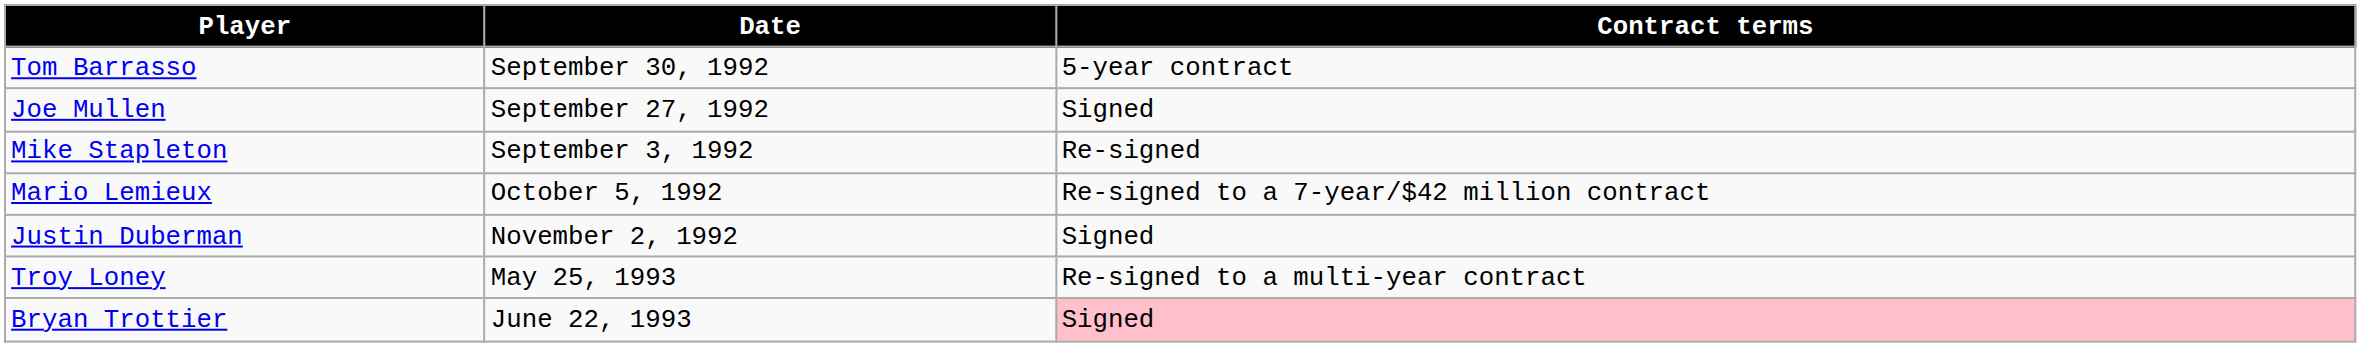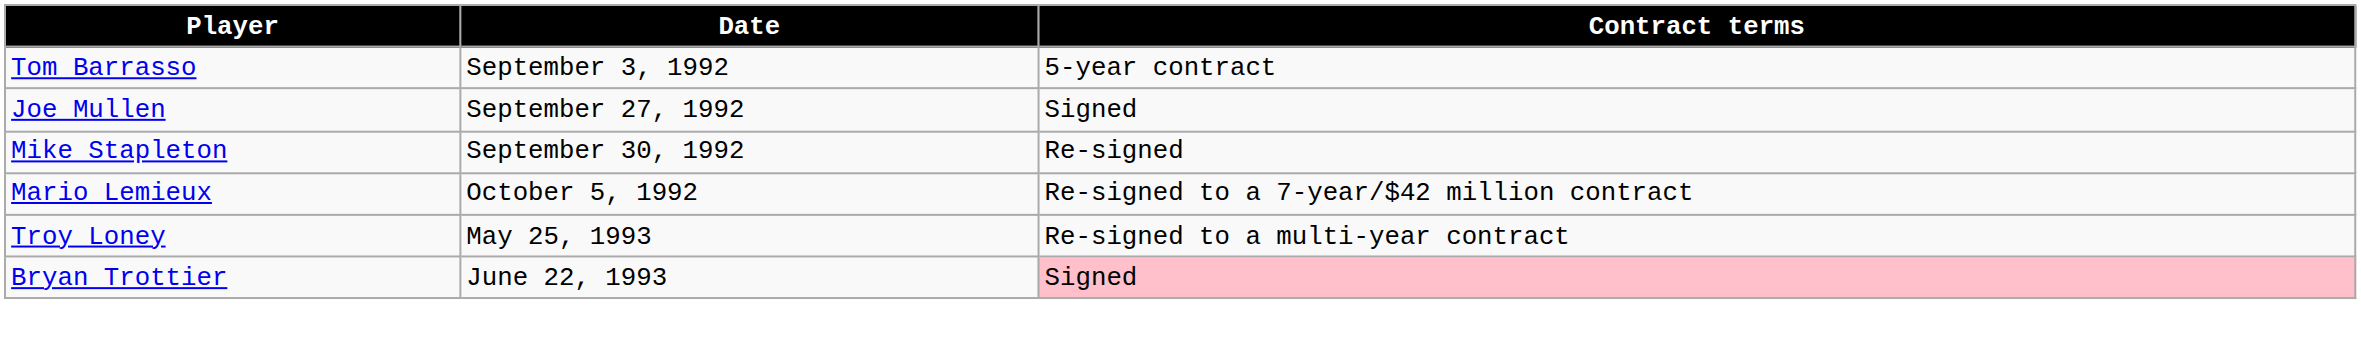 <table class="wikitable" style="width:75%;">
 <tr style="text-align:center; background:#ddd;">
 <th style="color:white; background:#000000; ">Player</th>
 <th style="color:white; background:#000000; ">Date</th>
 <th style="color:white; background:#000000; ">Contract terms</th>
 </tr>
 <tr>
 <td><a href='#'>Tom Barrasso</a></td>
-<td>September 30, 1992</td>
+<td>September 3, 1992</td>
 <td>5-year contract</td>
 </tr>
 <tr>
 <td><a href='#'>Joe Mullen</a></td>
 <td>September 27, 1992</td>
 <td>Signed</td>
 </tr>
 <tr>
 <td><a href='#'>Mike Stapleton</a></td>
-<td>September 3, 1992</td>
+<td>September 30, 1992</td>
 <td>Re-signed</td>
 </tr>
 <tr>
 <td><a href='#'>Mario Lemieux</a></td>
 <td>October 5, 1992</td>
 <td>Re-signed to a 7-year/$42 million contract</td>
-</tr>
-<tr>
-<td><a href='#'>Justin Duberman</a></td>
-<td>November 2, 1992</td>
-<td>Signed</td>
 </tr>
 <tr>
 <td><a href='#'>Troy Loney</a></td>
 <td>May 25, 1993</td>
 <td>Re-signed to a multi-year contract</td>
 </tr>
 <tr>
 <td><a href='#'>Bryan Trottier</a></td>
 <td>June 22, 1993</td>
 <td style="background: pink;">Signed</td>
 </tr>
 </table>
